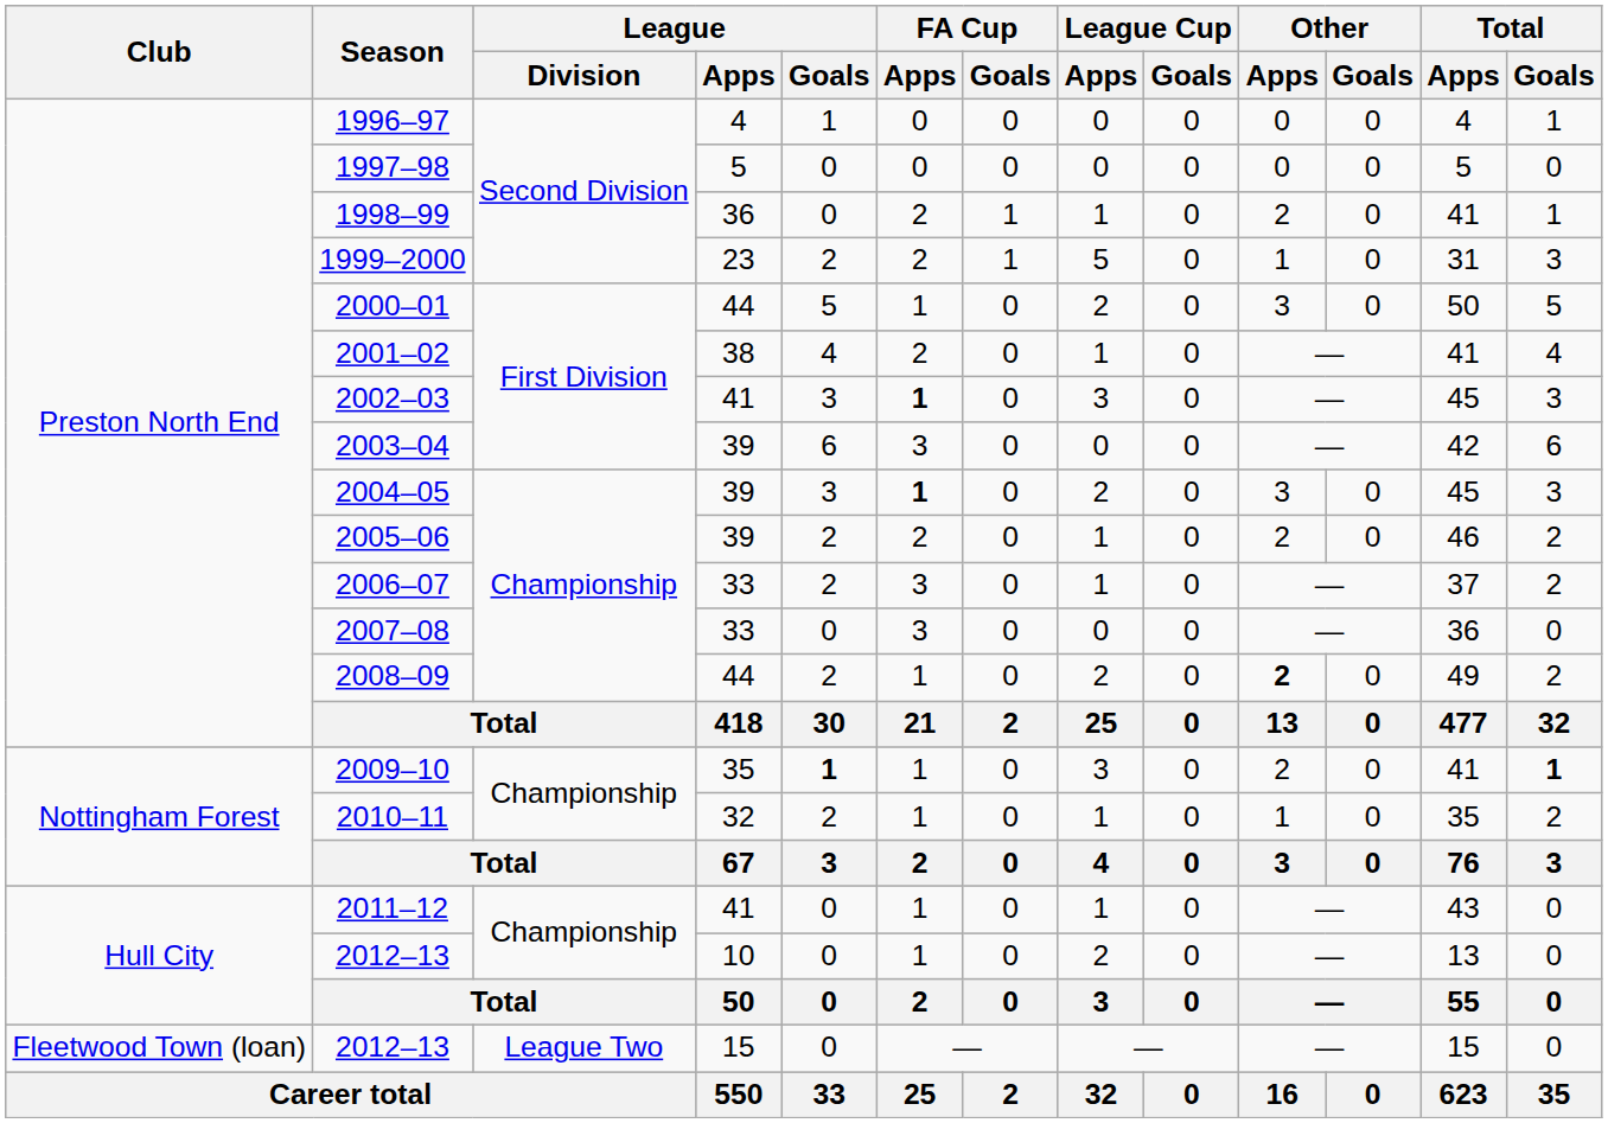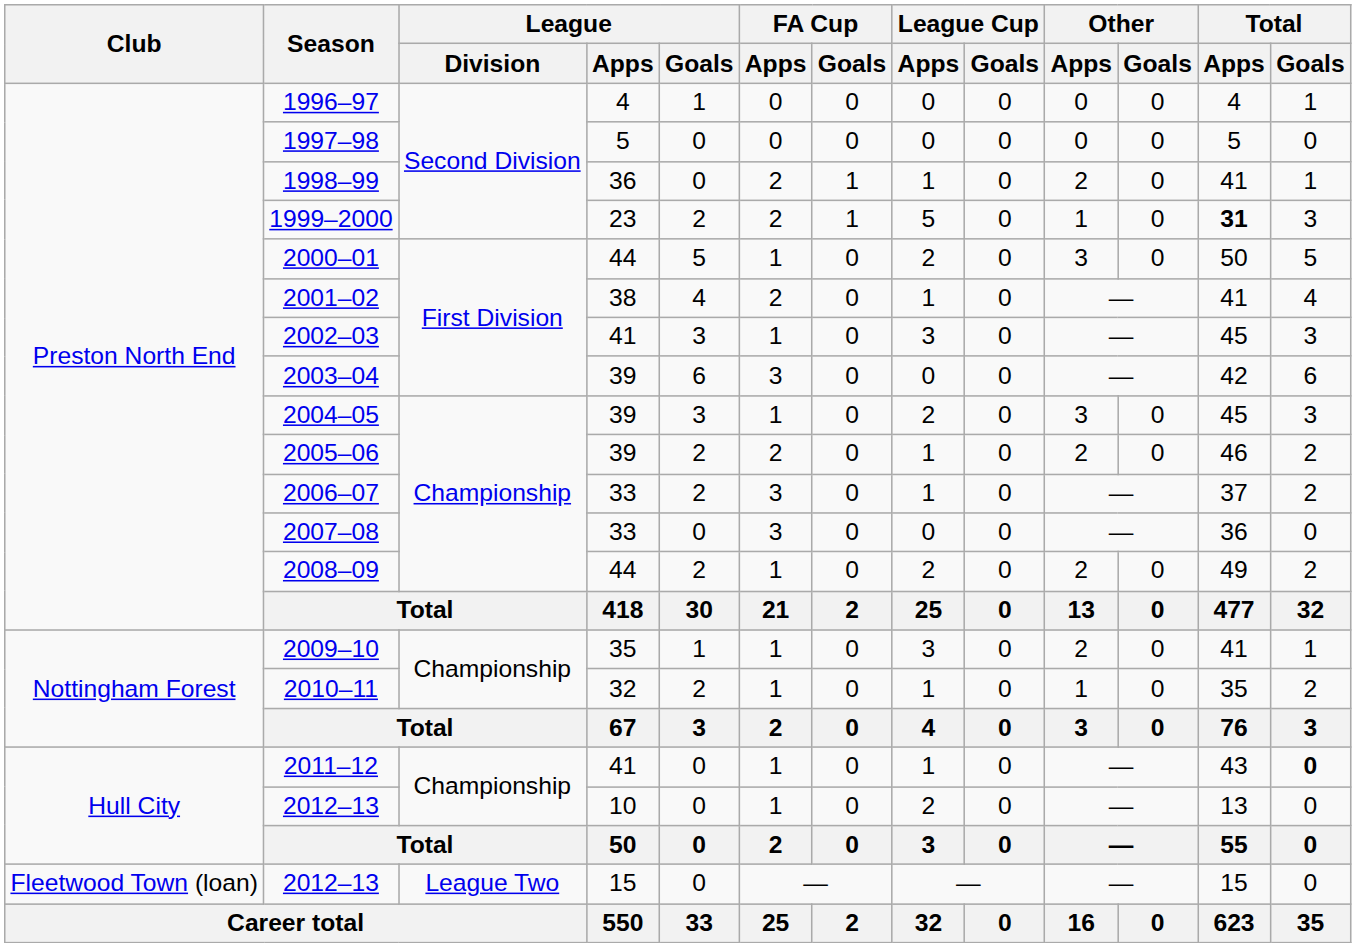 <table class="wikitable" style="text-align: center">
 <tr>
 <th rowspan="2">Club</th>
 <th rowspan="2">Season</th>
 <th colspan="3">League</th>
 <th colspan="2">FA Cup</th>
 <th colspan="2">League Cup</th>
 <th colspan="2">Other</th>
 <th colspan="2">Total</th>
 </tr>
 <tr>
 <th>Division</th>
 <th>Apps</th>
 <th>Goals</th>
 <th>Apps</th>
 <th>Goals</th>
 <th>Apps</th>
 <th>Goals</th>
 <th>Apps</th>
 <th>Goals</th>
 <th>Apps</th>
 <th>Goals</th>
 </tr>
 <tr>
 <td rowspan="14"><a href='#'>Preston North End</a></td>
 <td><a href='#'>1996–97</a></td>
 <td rowspan="4"><a href='#'>Second Division</a></td>
 <td>4</td>
 <td>1</td>
 <td>0</td>
 <td>0</td>
 <td>0</td>
 <td>0</td>
 <td>0</td>
 <td>0</td>
 <td>4</td>
 <td>1</td>
 </tr>
 <tr>
 <td><a href='#'>1997–98</a></td>
 <td>5</td>
 <td>0</td>
 <td>0</td>
 <td>0</td>
 <td>0</td>
 <td>0</td>
 <td>0</td>
 <td>0</td>
 <td>5</td>
 <td>0</td>
 </tr>
 <tr>
 <td><a href='#'>1998–99</a></td>
 <td>36</td>
 <td>0</td>
 <td>2</td>
 <td>1</td>
 <td>1</td>
 <td>0</td>
 <td>2</td>
 <td>0</td>
 <td>41</td>
 <td>1</td>
 </tr>
 <tr>
 <td><a href='#'>1999–2000</a></td>
 <td>23</td>
 <td>2</td>
 <td>2</td>
 <td>1</td>
 <td>5</td>
 <td>0</td>
 <td>1</td>
 <td>0</td>
-<td>31</td>
+<td><strong>31</strong></td>
 <td>3</td>
 </tr>
 <tr>
 <td><a href='#'>2000–01</a></td>
 <td rowspan="4"><a href='#'>First Division</a></td>
 <td>44</td>
 <td>5</td>
 <td>1</td>
 <td>0</td>
 <td>2</td>
 <td>0</td>
 <td>3</td>
 <td>0</td>
 <td>50</td>
 <td>5</td>
 </tr>
 <tr>
 <td><a href='#'>2001–02</a></td>
 <td>38</td>
 <td>4</td>
 <td>2</td>
 <td>0</td>
 <td>1</td>
 <td>0</td>
 <td colspan="2">―</td>
 <td>41</td>
 <td>4</td>
 </tr>
 <tr>
 <td><a href='#'>2002–03</a></td>
 <td>41</td>
 <td>3</td>
-<td><strong>1</strong></td>
+<td>1</td>
 <td>0</td>
 <td>3</td>
 <td>0</td>
 <td colspan="2">―</td>
 <td>45</td>
 <td>3</td>
 </tr>
 <tr>
 <td><a href='#'>2003–04</a></td>
 <td>39</td>
 <td>6</td>
 <td>3</td>
 <td>0</td>
 <td>0</td>
 <td>0</td>
 <td colspan="2">―</td>
 <td>42</td>
 <td>6</td>
 </tr>
 <tr>
 <td><a href='#'>2004–05</a></td>
 <td rowspan="5"><a href='#'>Championship</a></td>
 <td>39</td>
 <td>3</td>
-<td><strong>1</strong></td>
+<td>1</td>
 <td>0</td>
 <td>2</td>
 <td>0</td>
 <td>3</td>
 <td>0</td>
 <td>45</td>
 <td>3</td>
 </tr>
 <tr>
 <td><a href='#'>2005–06</a></td>
 <td>39</td>
 <td>2</td>
 <td>2</td>
 <td>0</td>
 <td>1</td>
 <td>0</td>
 <td>2</td>
 <td>0</td>
 <td>46</td>
 <td>2</td>
 </tr>
 <tr>
 <td><a href='#'>2006–07</a></td>
 <td>33</td>
 <td>2</td>
 <td>3</td>
 <td>0</td>
 <td>1</td>
 <td>0</td>
 <td colspan="2">―</td>
 <td>37</td>
 <td>2</td>
 </tr>
 <tr>
 <td><a href='#'>2007–08</a></td>
 <td>33</td>
 <td>0</td>
 <td>3</td>
 <td>0</td>
 <td>0</td>
 <td>0</td>
 <td colspan="2">―</td>
 <td>36</td>
 <td>0</td>
 </tr>
 <tr>
 <td><a href='#'>2008–09</a></td>
 <td>44</td>
 <td>2</td>
 <td>1</td>
 <td>0</td>
 <td>2</td>
 <td>0</td>
-<td><strong>2</strong></td>
+<td>2</td>
 <td>0</td>
 <td>49</td>
 <td>2</td>
 </tr>
 <tr>
 <th colspan="2">Total</th>
 <th>418</th>
 <th>30</th>
 <th>21</th>
 <th>2</th>
 <th>25</th>
 <th>0</th>
 <th>13</th>
 <th>0</th>
 <th>477</th>
 <th>32</th>
 </tr>
 <tr>
 <td rowspan="3"><a href='#'>Nottingham Forest</a></td>
 <td><a href='#'>2009–10</a></td>
 <td rowspan="2">Championship</td>
 <td>35</td>
-<td><strong>1</strong></td>
+<td>1</td>
 <td>1</td>
 <td>0</td>
 <td>3</td>
 <td>0</td>
 <td>2</td>
 <td>0</td>
 <td>41</td>
-<td><strong>1</strong></td>
+<td>1</td>
 </tr>
 <tr>
 <td><a href='#'>2010–11</a></td>
 <td>32</td>
 <td>2</td>
 <td>1</td>
 <td>0</td>
 <td>1</td>
 <td>0</td>
 <td>1</td>
 <td>0</td>
 <td>35</td>
 <td>2</td>
 </tr>
 <tr>
 <th colspan="2">Total</th>
 <th>67</th>
 <th>3</th>
 <th>2</th>
 <th>0</th>
 <th>4</th>
 <th>0</th>
 <th>3</th>
 <th>0</th>
 <th>76</th>
 <th>3</th>
 </tr>
 <tr>
 <td rowspan="3"><a href='#'>Hull City</a></td>
 <td><a href='#'>2011–12</a></td>
 <td rowspan="2">Championship</td>
 <td>41</td>
 <td>0</td>
 <td>1</td>
 <td>0</td>
 <td>1</td>
 <td>0</td>
 <td colspan="2">―</td>
 <td>43</td>
-<td>0</td>
+<td><strong>0</strong></td>
 </tr>
 <tr>
 <td><a href='#'>2012–13</a></td>
 <td>10</td>
 <td>0</td>
 <td>1</td>
 <td>0</td>
 <td>2</td>
 <td>0</td>
 <td colspan="2">―</td>
 <td>13</td>
 <td>0</td>
 </tr>
 <tr>
 <th colspan="2">Total</th>
 <th>50</th>
 <th>0</th>
 <th>2</th>
 <th>0</th>
 <th>3</th>
 <th>0</th>
 <th colspan="2">―</th>
 <th>55</th>
 <th>0</th>
 </tr>
 <tr>
 <td><a href='#'>Fleetwood Town</a> (loan)</td>
 <td><a href='#'>2012–13</a></td>
 <td><a href='#'>League Two</a></td>
 <td>15</td>
 <td>0</td>
 <td colspan="2">―</td>
 <td colspan="2">―</td>
 <td colspan="2">―</td>
 <td>15</td>
 <td>0</td>
 </tr>
 <tr>
 <th colspan="3">Career total</th>
 <th>550</th>
 <th>33</th>
 <th>25</th>
 <th>2</th>
 <th>32</th>
 <th>0</th>
 <th>16</th>
 <th>0</th>
 <th>623</th>
 <th>35</th>
 </tr>
 </table>
